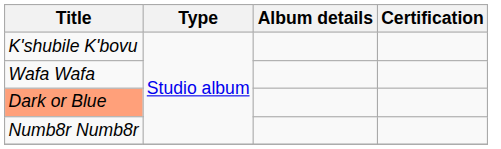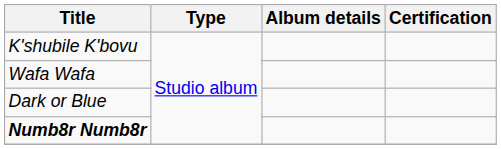 <table class="wikitable plainrowheaders">
 <tr>
 <th>Title</th>
 <th>Type</th>
 <th>Album details</th>
 <th>Certification</th>
 </tr>
 <tr>
 <td><em>K'shubile K'bovu</em></td>
 <td rowspan="4"><a href='#'>Studio album</a></td>
 <td></td>
 <td></td>
 </tr>
 <tr>
 <td><em>Wafa Wafa</em></td>
 <td></td>
 <td></td>
 </tr>
 <tr>
-<td style="background: lightsalmon;"><em>Dark or Blue</em></td>
+<td><em>Dark or Blue</em></td>
 <td></td>
 <td></td>
 </tr>
 <tr>
-<td><em>Numb8r Numb8r</em></td>
+<td><strong><em>Numb8r Numb8r</em></strong></td>
 <td></td>
 <td></td>
 </tr>
 <tr>
 </tr>
 </table>
